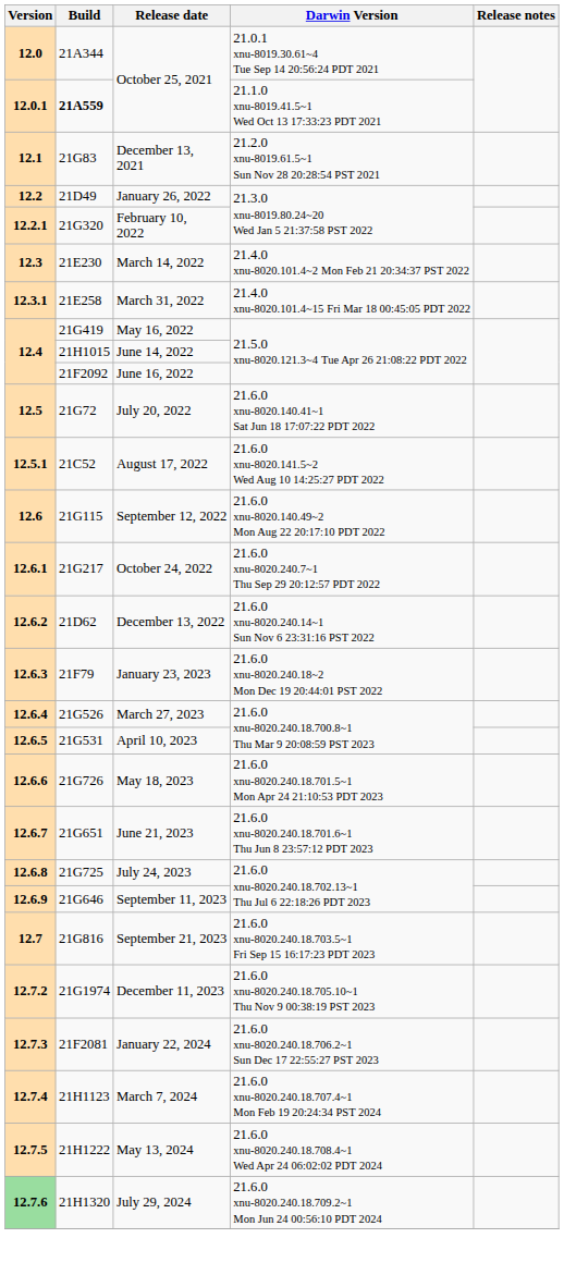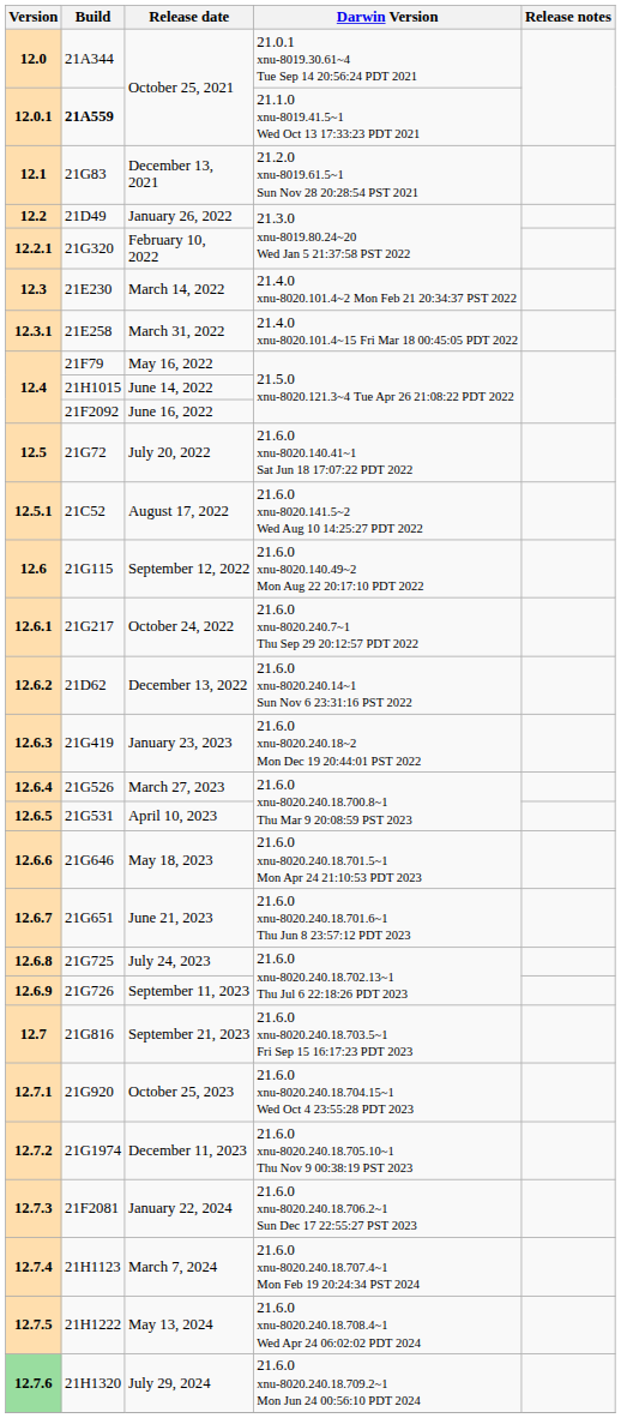 <table class="wikitable">
 <tr>
 <th>Version</th>
 <th>Build</th>
 <th>Release date</th>
 <th><a href='#'>Darwin</a> Version</th>
 <th>Release notes</th>
 </tr>
 <tr>
 <th style="background:#FFDEAD; ">12.0</th>
 <td>21A344</td>
 <td rowspan="2">October 25, 2021</td>
 <td>21.0.1<br><small>xnu-8019.30.61~4</small><br><small>Tue Sep 14 20:56:24 PDT 2021</small></td>
 <td rowspan="2"><br></td>
 </tr>
 <tr>
 <th style="background:#FFDEAD; ">12.0.1</th>
 <td><strong>21A559</strong></td>
 <td>21.1.0<br><small>xnu-8019.41.5~1</small><br><small>Wed Oct 13 17:33:23 PDT 2021</small></td>
 </tr>
 <tr>
 <th style="background:#FFDEAD; ">12.1</th>
 <td>21G83</td>
 <td>December 13,<br>2021</td>
 <td>21.2.0<br><small>xnu-8019.61.5~1</small><br><small>Sun Nov 28 20:28:54 PST 2021</small></td>
 <td><br></td>
 </tr>
 <tr>
 <th style="background:#FFDEAD; ">12.2</th>
 <td>21D49</td>
 <td>January 26, 2022</td>
 <td rowspan="2">21.3.0<br><small>xnu-8019.80.24~20</small><br><small>Wed Jan 5 21:37:58 PST 2022</small></td>
 <td><br></td>
 </tr>
 <tr>
 <th style="background:#FFDEAD; ">12.2.1</th>
 <td>21G320</td>
 <td>February 10,<br>2022</td>
 <td><br></td>
 </tr>
 <tr>
 <th style="background:#FFDEAD; ">12.3</th>
 <td>21E230</td>
 <td>March 14, 2022</td>
 <td>21.4.0<br><small>xnu-8020.101.4~2</small> <small>Mon Feb 21 20:34:37 PST 2022</small></td>
 <td><br></td>
 </tr>
 <tr>
 <th style="background:#FFDEAD; ">12.3.1</th>
 <td>21E258</td>
 <td>March 31, 2022</td>
 <td>21.4.0<br><small>xnu-8020.101.4~15</small> <small>Fri Mar 18 00:45:05 PDT 2022</small></td>
 <td><br></td>
 </tr>
 <tr>
 <th rowspan="3" style="background:#FFDEAD; ">12.4</th>
-<td>21G419</td>
+<td>21F79</td>
 <td>May 16, 2022</td>
 <td rowspan="3">21.5.0<br><small>xnu-8020.121.3~4</small> <small>Tue Apr 26 21:08:22 PDT 2022</small></td>
 <td rowspan="3"><br></td>
 </tr>
 <tr>
 <td>21H1015</td>
 <td>June 14, 2022</td>
 </tr>
 <tr>
 <td>21F2092</td>
 <td>June 16, 2022</td>
 </tr>
 <tr>
 <th style="background:#FFDEAD; ">12.5</th>
 <td>21G72</td>
 <td>July 20, 2022</td>
 <td>21.6.0<br><small>xnu-8020.140.41~1</small><br><small>Sat Jun 18 17:07:22 PDT 2022</small></td>
 <td><br></td>
 </tr>
 <tr>
 <th style="background:#FFDEAD; ">12.5.1</th>
 <td>21C52</td>
 <td>August 17, 2022</td>
 <td>21.6.0<br><small>xnu-8020.141.5~2<br>Wed Aug 10 14:25:27 PDT 2022</small></td>
 <td><br></td>
 </tr>
 <tr>
 <th style="background:#FFDEAD; ">12.6</th>
 <td>21G115</td>
 <td>September 12, 2022</td>
 <td>21.6.0<br><small>xnu-8020.140.49~2<br>Mon Aug 22 20:17:10 PDT 2022</small></td>
 <td><br></td>
 </tr>
 <tr>
 <th style="background:#FFDEAD; ">12.6.1</th>
 <td>21G217</td>
 <td>October 24, 2022</td>
 <td>21.6.0<br><small>xnu-8020.240.7~1<br>Thu Sep 29 20:12:57 PDT 2022</small></td>
 <td><br></td>
 </tr>
 <tr>
 <th style="background:#FFDEAD; ">12.6.2</th>
 <td>21D62</td>
 <td>December 13, 2022</td>
 <td>21.6.0<br><small>xnu-8020.240.14~1<br>Sun Nov 6 23:31:16 PST 2022</small></td>
 <td><br></td>
 </tr>
 <tr>
 <th style="background:#FFDEAD; ">12.6.3</th>
-<td>21F79</td>
+<td>21G419</td>
 <td>January 23, 2023</td>
 <td>21.6.0<br><small>xnu-8020.240.18~2<br>Mon Dec 19 20:44:01 PST 2022</small></td>
 <td><br></td>
 </tr>
 <tr>
 <th style="background:#FFDEAD; ">12.6.4</th>
 <td>21G526</td>
 <td>March 27, 2023</td>
 <td rowspan="2">21.6.0<br><small>xnu-8020.240.18.700.8~1<br>Thu Mar 9 20:08:59 PST 2023</small></td>
 <td><br></td>
 </tr>
 <tr>
 <th style="background:#FFDEAD; ">12.6.5</th>
 <td>21G531</td>
 <td>April 10, 2023</td>
 <td><br></td>
 </tr>
 <tr>
 <th style="background:#FFDEAD; ">12.6.6</th>
-<td>21G726</td>
+<td>21G646</td>
 <td>May 18, 2023</td>
 <td>21.6.0<br><small>xnu-8020.240.18.701.5~1<br>Mon Apr 24 21:10:53 PDT 2023</small></td>
 <td><br></td>
 </tr>
 <tr>
 <th style="background:#FFDEAD; ">12.6.7</th>
 <td>21G651</td>
 <td>June 21, 2023</td>
 <td>21.6.0<br><small>xnu-8020.240.18.701.6~1<br>Thu Jun 8 23:57:12 PDT 2023</small></td>
 <td><br></td>
 </tr>
 <tr>
 <th style="background:#FFDEAD; ">12.6.8</th>
 <td>21G725</td>
 <td>July 24, 2023</td>
 <td rowspan="2">21.6.0<br><small>xnu-8020.240.18.702.13~1<br>Thu Jul 6 22:18:26 PDT 2023</small></td>
 <td><br></td>
 </tr>
 <tr>
 <th style="background:#FFDEAD; ">12.6.9</th>
-<td>21G646</td>
+<td>21G726</td>
 <td>September 11, 2023</td>
 <td><br></td>
 </tr>
 <tr>
 <th style="background:#FFDEAD; ">12.7</th>
 <td>21G816</td>
 <td>September 21, 2023</td>
 <td>21.6.0<br><small>xnu-8020.240.18.703.5~1<br>Fri Sep 15 16:17:23 PDT 2023</small></td>
+<td><br></td>
+</tr>
+<tr>
+<th style="background:#FFDEAD; ">12.7.1</th>
+<td>21G920</td>
+<td>October 25, 2023</td>
+<td>21.6.0<br><small>xnu-8020.240.18.704.15~1<br>Wed Oct 4 23:55:28 PDT 2023</small></td>
 <td><br></td>
 </tr>
 <tr>
 <th style="background:#FFDEAD; ">12.7.2</th>
 <td>21G1974</td>
 <td>December 11, 2023</td>
 <td>21.6.0<br><small>xnu-8020.240.18.705.10~1<br>Thu Nov 9 00:38:19 PST 2023</small></td>
 <td><br></td>
 </tr>
 <tr>
 <th style="background:#FFDEAD; ">12.7.3</th>
 <td>21F2081</td>
 <td>January 22, 2024</td>
 <td>21.6.0<br><small>xnu-8020.240.18.706.2~1<br>Sun Dec 17 22:55:27 PST 2023</small></td>
 <td><br></td>
 </tr>
 <tr>
 <th style="background:#FFDEAD; ">12.7.4</th>
 <td>21H1123</td>
 <td>March 7, 2024</td>
 <td>21.6.0<br><small>xnu-8020.240.18.707.4~1<br>Mon Feb 19 20:24:34 PST 2024</small></td>
 <td><br></td>
 </tr>
 <tr>
 <th style="background:#FFDEAD; ">12.7.5</th>
 <td>21H1222</td>
 <td>May 13, 2024</td>
 <td>21.6.0<br><small>xnu-8020.240.18.708.4~1<br>Wed Apr 24 06:02:02 PDT 2024</small></td>
 <td><br></td>
 </tr>
 <tr>
 <th style="background:#99DD9F; ">12.7.6</th>
 <td>21H1320</td>
 <td>July 29, 2024</td>
 <td>21.6.0<br><small>xnu-8020.240.18.709.2~1<br>Mon Jun 24 00:56:10 PDT 2024</small></td>
 <td><br></td>
 </tr>
 <tr>
 </tr>
 </table>
